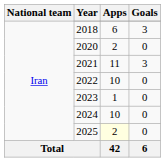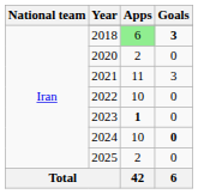 <table class="wikitable" style="text-align:center">
 <tr>
 <th>National team</th>
 <th>Year</th>
 <th>Apps</th>
 <th>Goals</th>
 </tr>
 <tr>
 <td rowspan=8><a href='#'>Iran</a></td>
 </tr>
 <tr>
 <td>2018</td>
-<td>6</td>
-<td>3</td>
+<td style="background: lightgreen;">6</td>
+<td><strong>3</strong></td>
 </tr>
 <tr>
 <td>2020</td>
 <td>2</td>
 <td>0</td>
 </tr>
 <tr>
 <td>2021</td>
 <td>11</td>
 <td>3</td>
 </tr>
 <tr>
 <td>2022</td>
 <td>10</td>
 <td>0</td>
 </tr>
 <tr>
 <td>2023</td>
-<td>1</td>
+<td><strong>1</strong></td>
 <td>0</td>
 </tr>
 <tr>
 <td>2024</td>
 <td>10</td>
-<td>0</td>
+<td><strong>0</strong></td>
 </tr>
 <tr>
 <td>2025</td>
-<td style="background: lightyellow;">2</td>
+<td>2</td>
 <td>0</td>
 </tr>
 <tr>
 <th colspan="2">Total</th>
 <th>42</th>
 <th>6</th>
 </tr>
 </table>
